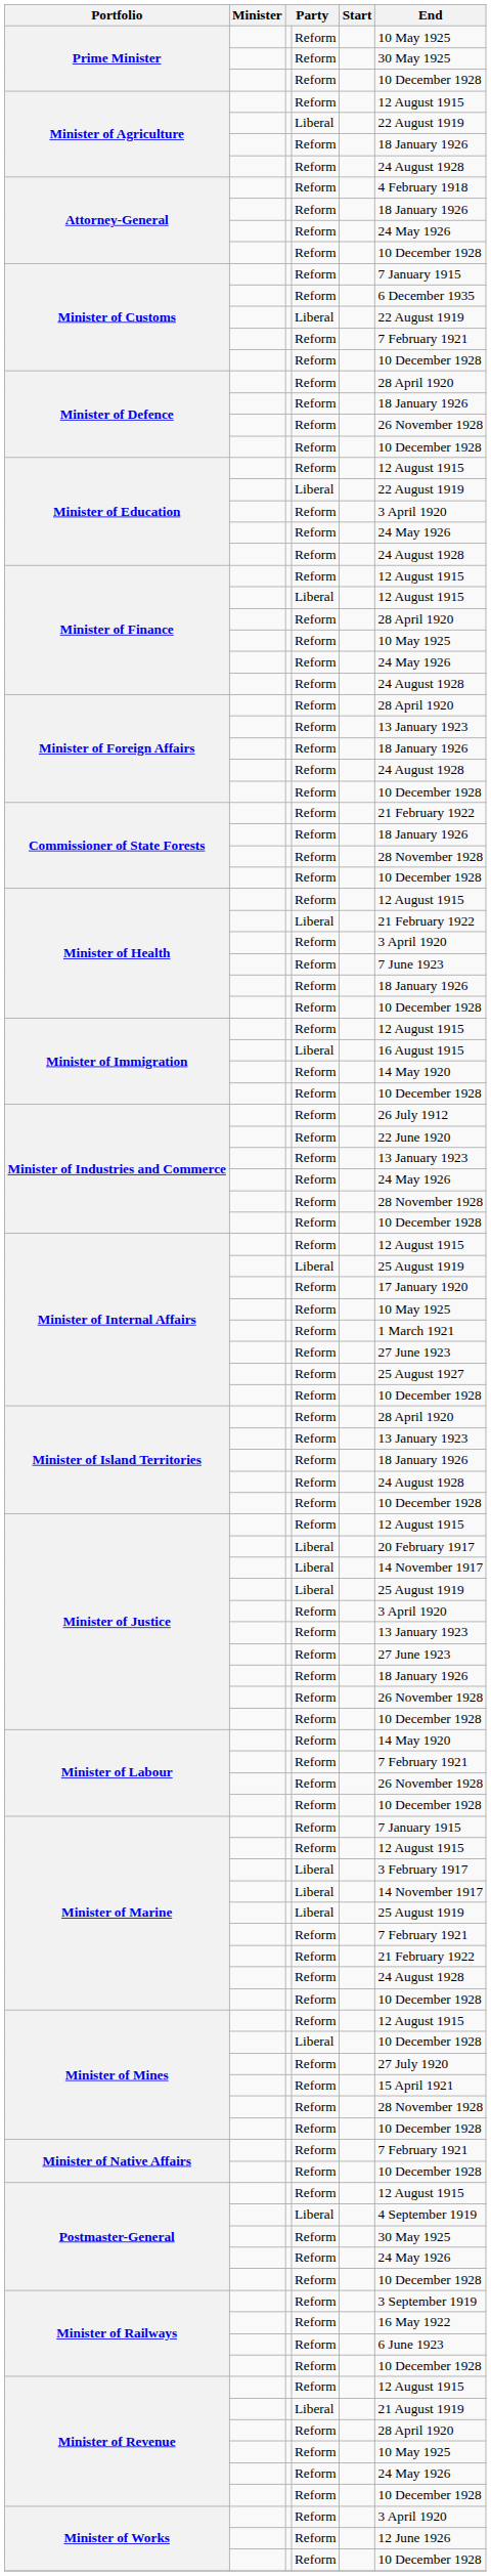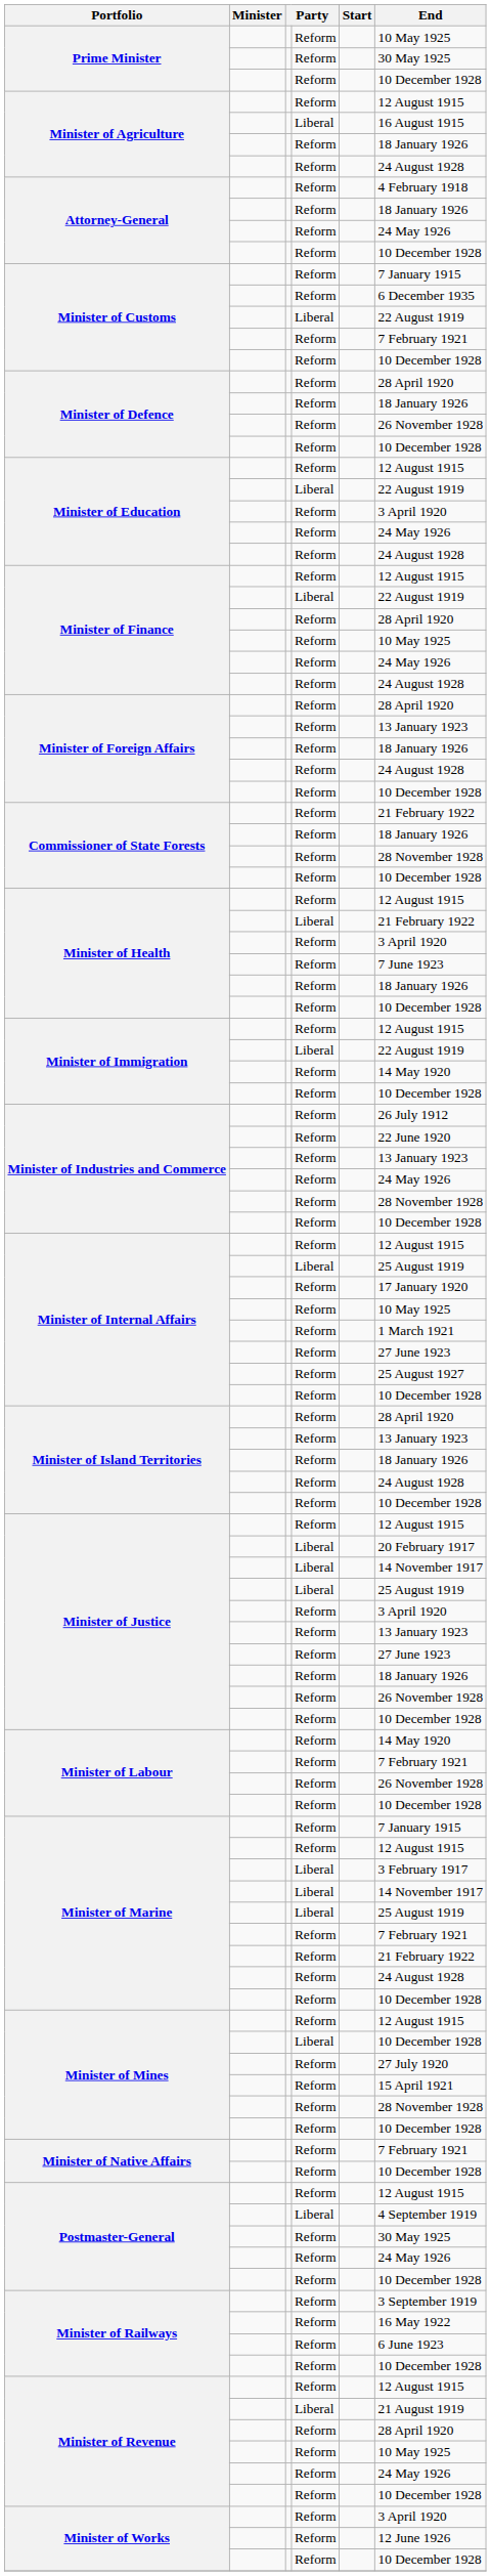 <table class="sortable wikitable">
 <tr>
 <th scope="col">Portfolio</th>
 <th scope="col">Minister</th>
 <th scope="col" colspan="2">Party</th>
 <th scope="col">Start</th>
 <th scope="col">End</th>
 </tr>
 <tr>
 <th rowspan="3" scope="row"><a href='#'>Prime Minister</a></th>
 <td></td>
 <td style="background:"></td>
 <td>Reform</td>
 <td></td>
 <td>10 May 1925</td>
 </tr>
 <tr>
 <td></td>
 <td style="background:"></td>
 <td>Reform</td>
 <td></td>
 <td>30 May 1925</td>
 </tr>
 <tr>
 <td></td>
 <td style="background:"></td>
 <td>Reform</td>
 <td></td>
 <td>10 December 1928</td>
 </tr>
 <tr>
 <th rowspan="4" scope="row"><a href='#'>Minister of Agriculture</a></th>
 <td></td>
 <td style="background:"></td>
 <td>Reform</td>
 <td></td>
 <td>12 August 1915</td>
 </tr>
 <tr>
 <td></td>
 <td style="background:"></td>
 <td>Liberal</td>
 <td></td>
-<td>22 August 1919</td>
+<td>16 August 1915</td>
 </tr>
 <tr>
 <td></td>
 <td style="background:"></td>
 <td>Reform</td>
 <td></td>
 <td>18 January 1926</td>
 </tr>
 <tr>
 <td></td>
 <td style="background:"></td>
 <td>Reform</td>
 <td></td>
 <td>24 August 1928</td>
 </tr>
 <tr>
 <th rowspan="4" scope="row"><a href='#'>Attorney-General</a></th>
 <td></td>
 <td style="background:"></td>
 <td>Reform</td>
 <td></td>
 <td>4 February 1918</td>
 </tr>
 <tr>
 <td></td>
 <td style="background:"></td>
 <td>Reform</td>
 <td></td>
 <td>18 January 1926</td>
 </tr>
 <tr>
 <td></td>
 <td style="background:"></td>
 <td>Reform</td>
 <td></td>
 <td>24 May 1926</td>
 </tr>
 <tr>
 <td></td>
 <td style="background:"></td>
 <td>Reform</td>
 <td></td>
 <td>10 December 1928</td>
 </tr>
 <tr>
 <th rowspan="5" scope="row"><a href='#'>Minister of Customs</a></th>
 <td></td>
 <td style="background:"></td>
 <td>Reform</td>
 <td></td>
 <td>7 January 1915</td>
 </tr>
 <tr>
 <td></td>
 <td style="background:"></td>
 <td>Reform</td>
 <td></td>
 <td>6 December 1935</td>
 </tr>
 <tr>
 <td></td>
 <td style="background:"></td>
 <td>Liberal</td>
 <td></td>
 <td>22 August 1919</td>
 </tr>
 <tr>
 <td></td>
 <td style="background:"></td>
 <td>Reform</td>
 <td></td>
 <td>7 February 1921</td>
 </tr>
 <tr>
 <td></td>
 <td style="background:"></td>
 <td>Reform</td>
 <td></td>
 <td>10 December 1928</td>
 </tr>
 <tr>
 <th rowspan="4" scope="row"><a href='#'>Minister of Defence</a></th>
 <td></td>
 <td style="background:"></td>
 <td>Reform</td>
 <td></td>
 <td>28 April 1920</td>
 </tr>
 <tr>
 <td></td>
 <td style="background:"></td>
 <td>Reform</td>
 <td></td>
 <td>18 January 1926</td>
 </tr>
 <tr>
 <td></td>
 <td style="background:"></td>
 <td>Reform</td>
 <td></td>
 <td>26 November 1928</td>
 </tr>
 <tr>
 <td></td>
 <td style="background:"></td>
 <td>Reform</td>
 <td></td>
 <td>10 December 1928</td>
 </tr>
 <tr>
 <th rowspan="5" scope="row"><a href='#'>Minister of Education</a></th>
 <td></td>
 <td style="background:"></td>
 <td>Reform</td>
 <td></td>
 <td>12 August 1915</td>
 </tr>
 <tr>
 <td></td>
 <td style="background:"></td>
 <td>Liberal</td>
 <td></td>
 <td>22 August 1919</td>
 </tr>
 <tr>
 <td></td>
 <td style="background:"></td>
 <td>Reform</td>
 <td></td>
 <td>3 April 1920</td>
 </tr>
 <tr>
 <td></td>
 <td style="background:"></td>
 <td>Reform</td>
 <td></td>
 <td>24 May 1926</td>
 </tr>
 <tr>
 <td></td>
 <td style="background:"></td>
 <td>Reform</td>
 <td></td>
 <td>24 August 1928</td>
 </tr>
 <tr>
 <th rowspan="6" scope="row"><a href='#'>Minister of Finance</a></th>
 <td></td>
 <td style="background:"></td>
 <td>Reform</td>
 <td></td>
 <td>12 August 1915</td>
 </tr>
 <tr>
 <td></td>
 <td style="background:"></td>
 <td>Liberal</td>
 <td></td>
-<td>12 August 1915</td>
+<td>22 August 1919</td>
 </tr>
 <tr>
 <td></td>
 <td style="background:"></td>
 <td>Reform</td>
 <td></td>
 <td>28 April 1920</td>
 </tr>
 <tr>
 <td></td>
 <td style="background:"></td>
 <td>Reform</td>
 <td></td>
 <td>10 May 1925</td>
 </tr>
 <tr>
 <td></td>
 <td style="background:"></td>
 <td>Reform</td>
 <td></td>
 <td>24 May 1926</td>
 </tr>
 <tr>
 <td></td>
 <td style="background:"></td>
 <td>Reform</td>
 <td></td>
 <td>24 August 1928</td>
 </tr>
 <tr>
 <th rowspan="5" scope="row"><a href='#'>Minister of Foreign Affairs</a></th>
 <td></td>
 <td style="background:"></td>
 <td>Reform</td>
 <td></td>
 <td>28 April 1920</td>
 </tr>
 <tr>
 <td></td>
 <td style="background:"></td>
 <td>Reform</td>
 <td></td>
 <td>13 January 1923</td>
 </tr>
 <tr>
 <td></td>
 <td style="background:"></td>
 <td>Reform</td>
 <td></td>
 <td>18 January 1926</td>
 </tr>
 <tr>
 <td></td>
 <td style="background:"></td>
 <td>Reform</td>
 <td></td>
 <td>24 August 1928</td>
 </tr>
 <tr>
 <td></td>
 <td style="background:"></td>
 <td>Reform</td>
 <td></td>
 <td>10 December 1928</td>
 </tr>
 <tr>
 <th rowspan="4" scope="row"><a href='#'>Commissioner of State Forests</a></th>
 <td></td>
 <td style="background:"></td>
 <td>Reform</td>
 <td></td>
 <td>21 February 1922</td>
 </tr>
 <tr>
 <td></td>
 <td style="background:"></td>
 <td>Reform</td>
 <td></td>
 <td>18 January 1926</td>
 </tr>
 <tr>
 <td></td>
 <td style="background:"></td>
 <td>Reform</td>
 <td></td>
 <td>28 November 1928</td>
 </tr>
 <tr>
 <td></td>
 <td style="background:"></td>
 <td>Reform</td>
 <td></td>
 <td>10 December 1928</td>
 </tr>
 <tr>
 <th rowspan="6" scope="row"><a href='#'>Minister of Health</a></th>
 <td></td>
 <td style="background:"></td>
 <td>Reform</td>
 <td></td>
 <td>12 August 1915</td>
 </tr>
 <tr>
 <td></td>
 <td style="background:"></td>
 <td>Liberal</td>
 <td></td>
 <td>21 February 1922</td>
 </tr>
 <tr>
 <td></td>
 <td style="background:"></td>
 <td>Reform</td>
 <td></td>
 <td>3 April 1920</td>
 </tr>
 <tr>
 <td></td>
 <td style="background:"></td>
 <td>Reform</td>
 <td></td>
 <td>7 June 1923</td>
 </tr>
 <tr>
 <td></td>
 <td style="background:"></td>
 <td>Reform</td>
 <td></td>
 <td>18 January 1926</td>
 </tr>
 <tr>
 <td></td>
 <td style="background:"></td>
 <td>Reform</td>
 <td></td>
 <td>10 December 1928</td>
 </tr>
 <tr>
 <th rowspan="4" scope="row"><a href='#'>Minister of Immigration</a></th>
 <td></td>
 <td style="background:"></td>
 <td>Reform</td>
 <td></td>
 <td>12 August 1915</td>
 </tr>
 <tr>
 <td></td>
 <td style="background:"></td>
 <td>Liberal</td>
 <td></td>
-<td>16 August 1915</td>
+<td>22 August 1919</td>
 </tr>
 <tr>
 <td></td>
 <td style="background:"></td>
 <td>Reform</td>
 <td></td>
 <td>14 May 1920</td>
 </tr>
 <tr>
 <td></td>
 <td style="background:"></td>
 <td>Reform</td>
 <td></td>
 <td>10 December 1928</td>
 </tr>
 <tr>
 <th rowspan="6" scope="row"><a href='#'>Minister of Industries and Commerce</a></th>
 <td></td>
 <td style="background:"></td>
 <td>Reform</td>
 <td></td>
 <td>26 July 1912</td>
 </tr>
 <tr>
 <td></td>
 <td style="background:"></td>
 <td>Reform</td>
 <td></td>
 <td>22 June 1920</td>
 </tr>
 <tr>
 <td></td>
 <td style="background:"></td>
 <td>Reform</td>
 <td></td>
 <td>13 January 1923</td>
 </tr>
 <tr>
 <td></td>
 <td style="background:"></td>
 <td>Reform</td>
 <td></td>
 <td>24 May 1926</td>
 </tr>
 <tr>
 <td></td>
 <td style="background:"></td>
 <td>Reform</td>
 <td></td>
 <td>28 November 1928</td>
 </tr>
 <tr>
 <td></td>
 <td style="background:"></td>
 <td>Reform</td>
 <td></td>
 <td>10 December 1928</td>
 </tr>
 <tr>
 <th rowspan="8" scope="row"><a href='#'>Minister of Internal Affairs</a></th>
 <td></td>
 <td style="background:"></td>
 <td>Reform</td>
 <td></td>
 <td>12 August 1915</td>
 </tr>
 <tr>
 <td></td>
 <td style="background:"></td>
 <td>Liberal</td>
 <td></td>
 <td>25 August 1919</td>
 </tr>
 <tr>
 <td></td>
 <td style="background:"></td>
 <td>Reform</td>
 <td></td>
 <td>17 January 1920</td>
 </tr>
 <tr>
 <td></td>
 <td style="background:"></td>
 <td>Reform</td>
 <td></td>
 <td>10 May 1925</td>
 </tr>
 <tr>
 <td></td>
 <td style="background:"></td>
 <td>Reform</td>
 <td></td>
 <td>1 March 1921</td>
 </tr>
 <tr>
 <td></td>
 <td style="background:"></td>
 <td>Reform</td>
 <td></td>
 <td>27 June 1923</td>
 </tr>
 <tr>
 <td></td>
 <td style="background:"></td>
 <td>Reform</td>
 <td></td>
 <td>25 August 1927</td>
 </tr>
 <tr>
 <td></td>
 <td style="background:"></td>
 <td>Reform</td>
 <td></td>
 <td>10 December 1928</td>
 </tr>
 <tr>
 <th rowspan="5" scope="row"><a href='#'>Minister of Island Territories</a></th>
 <td></td>
 <td style="background:"></td>
 <td>Reform</td>
 <td></td>
 <td>28 April 1920</td>
 </tr>
 <tr>
 <td></td>
 <td style="background:"></td>
 <td>Reform</td>
 <td></td>
 <td>13 January 1923</td>
 </tr>
 <tr>
 <td></td>
 <td style="background:"></td>
 <td>Reform</td>
 <td></td>
 <td>18 January 1926</td>
 </tr>
 <tr>
 <td></td>
 <td style="background:"></td>
 <td>Reform</td>
 <td></td>
 <td>24 August 1928</td>
 </tr>
 <tr>
 <td></td>
 <td style="background:"></td>
 <td>Reform</td>
 <td></td>
 <td>10 December 1928</td>
 </tr>
 <tr>
 <th rowspan="10" scope="row"><a href='#'>Minister of Justice</a></th>
 <td></td>
 <td style="background:"></td>
 <td>Reform</td>
 <td></td>
 <td>12 August 1915</td>
 </tr>
 <tr>
 <td></td>
 <td style="background:"></td>
 <td>Liberal</td>
 <td></td>
 <td>20 February 1917</td>
 </tr>
 <tr>
 <td></td>
 <td style="background:"></td>
 <td>Liberal</td>
 <td></td>
 <td>14 November 1917</td>
 </tr>
 <tr>
 <td></td>
 <td style="background:"></td>
 <td>Liberal</td>
 <td></td>
 <td>25 August 1919</td>
 </tr>
 <tr>
 <td></td>
 <td style="background:"></td>
 <td>Reform</td>
 <td></td>
 <td>3 April 1920</td>
 </tr>
 <tr>
 <td></td>
 <td style="background:"></td>
 <td>Reform</td>
 <td></td>
 <td>13 January 1923</td>
 </tr>
 <tr>
 <td></td>
 <td style="background:"></td>
 <td>Reform</td>
 <td></td>
 <td>27 June 1923</td>
 </tr>
 <tr>
 <td></td>
 <td style="background:"></td>
 <td>Reform</td>
 <td></td>
 <td>18 January 1926</td>
 </tr>
 <tr>
 <td></td>
 <td style="background:"></td>
 <td>Reform</td>
 <td></td>
 <td>26 November 1928</td>
 </tr>
 <tr>
 <td></td>
 <td style="background:"></td>
 <td>Reform</td>
 <td></td>
 <td>10 December 1928</td>
 </tr>
 <tr>
 <th rowspan="4" scope="row"><a href='#'>Minister of Labour</a></th>
 <td></td>
 <td style="background:"></td>
 <td>Reform</td>
 <td></td>
 <td>14 May 1920</td>
 </tr>
 <tr>
 <td></td>
 <td style="background:"></td>
 <td>Reform</td>
 <td></td>
 <td>7 February 1921</td>
 </tr>
 <tr>
 <td></td>
 <td style="background:"></td>
 <td>Reform</td>
 <td></td>
 <td>26 November 1928</td>
 </tr>
 <tr>
 <td></td>
 <td style="background:"></td>
 <td>Reform</td>
 <td></td>
 <td>10 December 1928</td>
 </tr>
 <tr>
 <th rowspan="9" scope="row"><a href='#'>Minister of Marine</a></th>
 <td></td>
 <td style="background:"></td>
 <td>Reform</td>
 <td></td>
 <td>7 January 1915</td>
 </tr>
 <tr>
 <td></td>
 <td style="background:"></td>
 <td>Reform</td>
 <td></td>
 <td>12 August 1915</td>
 </tr>
 <tr>
 <td></td>
 <td style="background:"></td>
 <td>Liberal</td>
 <td></td>
 <td>3 February 1917</td>
 </tr>
 <tr>
 <td></td>
 <td style="background:"></td>
 <td>Liberal</td>
 <td></td>
 <td>14 November 1917</td>
 </tr>
 <tr>
 <td></td>
 <td style="background:"></td>
 <td>Liberal</td>
 <td></td>
 <td>25 August 1919</td>
 </tr>
 <tr>
 <td></td>
 <td style="background:"></td>
 <td>Reform</td>
 <td></td>
 <td>7 February 1921</td>
 </tr>
 <tr>
 <td></td>
 <td style="background:"></td>
 <td>Reform</td>
 <td></td>
 <td>21 February 1922</td>
 </tr>
 <tr>
 <td></td>
 <td style="background:"></td>
 <td>Reform</td>
 <td></td>
 <td>24 August 1928</td>
 </tr>
 <tr>
 <td></td>
 <td style="background:"></td>
 <td>Reform</td>
 <td></td>
 <td>10 December 1928</td>
 </tr>
 <tr>
 <th rowspan="6" scope="row"><a href='#'>Minister of Mines</a></th>
 <td></td>
 <td style="background:"></td>
 <td>Reform</td>
 <td></td>
 <td>12 August 1915</td>
 </tr>
 <tr>
 <td></td>
 <td style="background:"></td>
 <td>Liberal</td>
 <td></td>
 <td>10 December 1928</td>
 </tr>
 <tr>
 <td></td>
 <td style="background:"></td>
 <td>Reform</td>
 <td></td>
 <td>27 July 1920</td>
 </tr>
 <tr>
 <td></td>
 <td style="background:"></td>
 <td>Reform</td>
 <td></td>
 <td>15 April 1921</td>
 </tr>
 <tr>
 <td></td>
 <td style="background:"></td>
 <td>Reform</td>
 <td></td>
 <td>28 November 1928</td>
 </tr>
 <tr>
 <td></td>
 <td style="background:"></td>
 <td>Reform</td>
 <td></td>
 <td>10 December 1928</td>
 </tr>
 <tr>
 <th rowspan="2" scope="row"><a href='#'>Minister of Native Affairs</a></th>
 <td></td>
 <td style="background:"></td>
 <td>Reform</td>
 <td></td>
 <td>7 February 1921</td>
 </tr>
 <tr>
 <td></td>
 <td style="background:"></td>
 <td>Reform</td>
 <td></td>
 <td>10 December 1928</td>
 </tr>
 <tr>
 <th rowspan="5" scope="row"><a href='#'>Postmaster-General</a></th>
 <td></td>
 <td style="background:"></td>
 <td>Reform</td>
 <td></td>
 <td>12 August 1915</td>
 </tr>
 <tr>
 <td></td>
 <td style="background:"></td>
 <td>Liberal</td>
 <td></td>
 <td>4 September 1919</td>
 </tr>
 <tr>
 <td></td>
 <td style="background:"></td>
 <td>Reform</td>
 <td></td>
 <td>30 May 1925</td>
 </tr>
 <tr>
 <td></td>
 <td style="background:"></td>
 <td>Reform</td>
 <td></td>
 <td>24 May 1926</td>
 </tr>
 <tr>
 <td></td>
 <td style="background:"></td>
 <td>Reform</td>
 <td></td>
 <td>10 December 1928</td>
 </tr>
 <tr>
 <th rowspan="4" scope="row"><a href='#'>Minister of Railways</a></th>
 <td></td>
 <td style="background:"></td>
 <td>Reform</td>
 <td></td>
 <td>3 September 1919</td>
 </tr>
 <tr>
 <td></td>
 <td style="background:"></td>
 <td>Reform</td>
 <td></td>
 <td>16 May 1922</td>
 </tr>
 <tr>
 <td></td>
 <td style="background:"></td>
 <td>Reform</td>
 <td></td>
 <td>6 June 1923</td>
 </tr>
 <tr>
 <td></td>
 <td style="background:"></td>
 <td>Reform</td>
 <td></td>
 <td>10 December 1928</td>
 </tr>
 <tr>
 <th rowspan="6" scope="row"><a href='#'>Minister of Revenue</a></th>
 <td></td>
 <td style="background:"></td>
 <td>Reform</td>
 <td></td>
 <td>12 August 1915</td>
 </tr>
 <tr>
 <td></td>
 <td style="background:"></td>
 <td>Liberal</td>
 <td></td>
 <td>21 August 1919</td>
 </tr>
 <tr>
 <td></td>
 <td style="background:"></td>
 <td>Reform</td>
 <td></td>
 <td>28 April 1920</td>
 </tr>
 <tr>
 <td></td>
 <td style="background:"></td>
 <td>Reform</td>
 <td></td>
 <td>10 May 1925</td>
 </tr>
 <tr>
 <td></td>
 <td style="background:"></td>
 <td>Reform</td>
 <td></td>
 <td>24 May 1926</td>
 </tr>
 <tr>
 <td></td>
 <td style="background:"></td>
 <td>Reform</td>
 <td></td>
 <td>10 December 1928</td>
 </tr>
 <tr>
 <th rowspan="3" scope="row"><a href='#'>Minister of Works</a></th>
 <td></td>
 <td style="background:"></td>
 <td>Reform</td>
 <td></td>
 <td>3 April 1920</td>
 </tr>
 <tr>
 <td></td>
 <td style="background:"></td>
 <td>Reform</td>
 <td></td>
 <td>12 June 1926</td>
 </tr>
 <tr>
 <td></td>
 <td style="background:"></td>
 <td>Reform</td>
 <td></td>
 <td>10 December 1928</td>
 </tr>
 <tr>
 </tr>
 </table>
